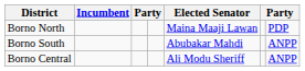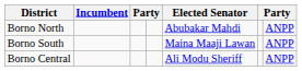 <table class="sortable wikitable" style="font-size:95%;line-height:14px;">
 <tr>
 <th class="unsortable">District</th>
 <th class="unsortable"><a href='#'>Incumbent</a></th>
 <th colspan="2">Party</th>
 <th class="unsortable">Elected Senator</th>
 <th colspan="2">Party</th>
 </tr>
 <tr>
 <td>Borno North</td>
 <td></td>
 <td></td>
 <td></td>
-<td><a href='#'>Maina Maaji Lawan</a></td>
+<td><a href='#'>Abubakar Mahdi</a></td>
 <td style="background:"></td>
-<td><a href='#'>PDP</a></td>
+<td><a href='#'>ANPP</a></td>
 </tr>
 <tr>
 <td>Borno South</td>
 <td></td>
 <td></td>
 <td></td>
-<td><a href='#'>Abubakar Mahdi</a></td>
+<td><a href='#'>Maina Maaji Lawan</a></td>
 <td style="background:"></td>
 <td><a href='#'>ANPP</a></td>
 </tr>
 <tr>
 <td>Borno Central</td>
 <td></td>
 <td></td>
 <td></td>
 <td><a href='#'>Ali Modu Sheriff</a></td>
 <td style="background:"></td>
 <td><a href='#'>ANPP</a></td>
 </tr>
 </table>
